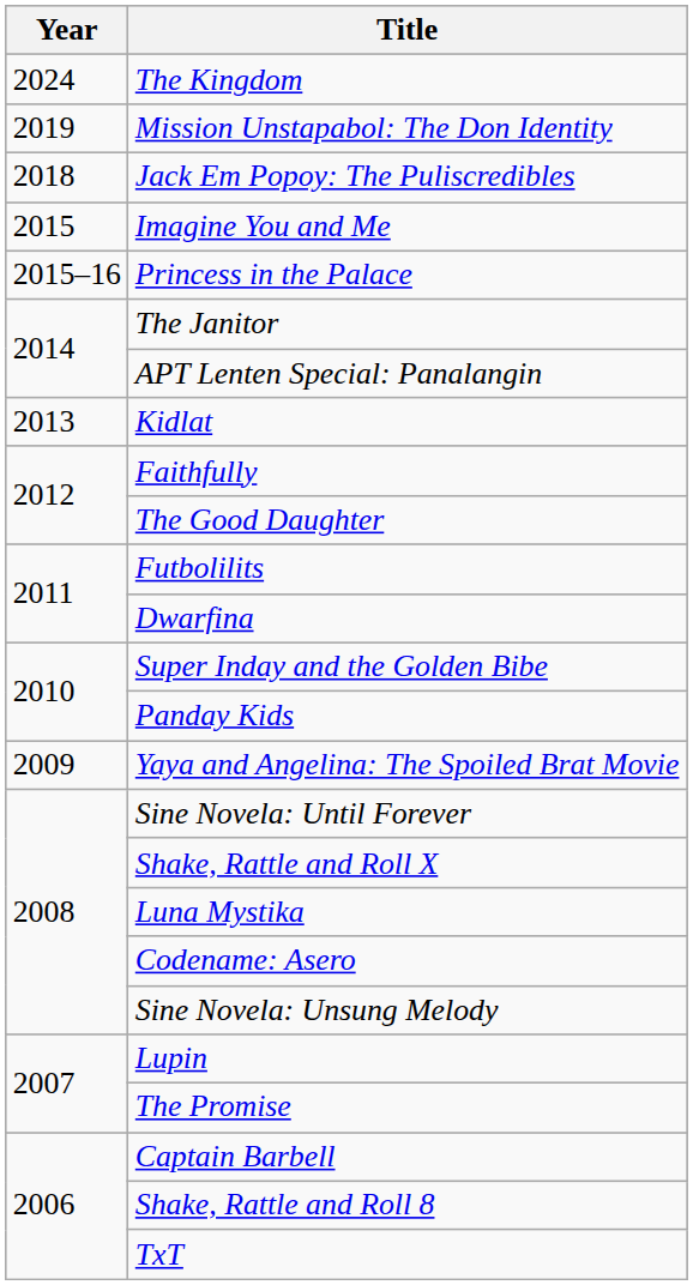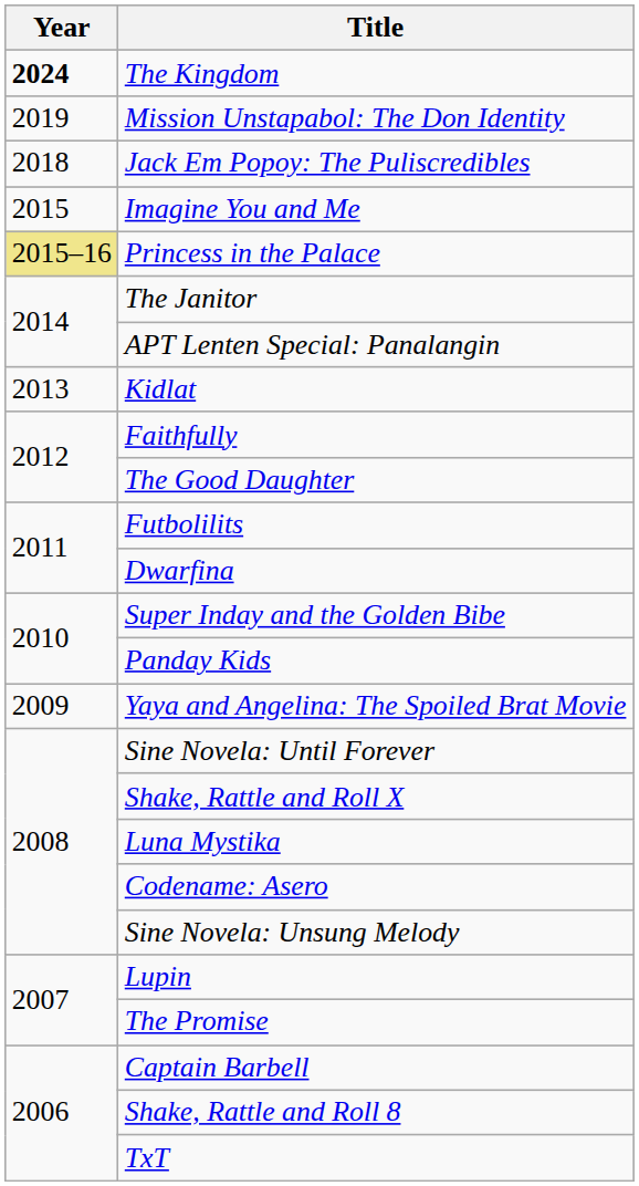 <table class="wikitable">
 <tr>
 <th>Year</th>
 <th>Title</th>
 </tr>
 <tr>
-<td>2024</td>
+<td><strong>2024</strong></td>
 <td><a href='#'><em>The Kingdom</em></a></td>
 </tr>
 <tr>
 <td>2019</td>
 <td><em><a href='#'>Mission Unstapabol: The Don Identity</a></em></td>
 </tr>
 <tr>
 <td>2018</td>
 <td><em><a href='#'>Jack Em Popoy: The Puliscredibles</a></em></td>
 </tr>
 <tr>
 <td>2015</td>
 <td><em><a href='#'>Imagine You and Me</a></em></td>
 </tr>
 <tr>
-<td>2015–16</td>
+<td style="background: khaki;">2015–16</td>
 <td><em><a href='#'>Princess in the Palace</a></em></td>
 </tr>
 <tr>
 <td rowspan="2">2014</td>
 <td><em>The Janitor</em></td>
 </tr>
 <tr>
 <td><em>APT Lenten Special: Panalangin</em></td>
 </tr>
 <tr>
 <td>2013</td>
 <td><em><a href='#'>Kidlat</a></em></td>
 </tr>
 <tr>
 <td rowspan="2">2012</td>
 <td><a href='#'><em>Faithfully</em></a></td>
 </tr>
 <tr>
 <td><em><a href='#'>The Good Daughter</a></em></td>
 </tr>
 <tr>
 <td rowspan="2">2011</td>
 <td><em><a href='#'>Futbolilits</a></em></td>
 </tr>
 <tr>
 <td><em><a href='#'>Dwarfina</a></em></td>
 </tr>
 <tr>
 <td rowspan="2">2010</td>
 <td><a href='#'><em>Super Inday and the Golden Bibe</em></a></td>
 </tr>
 <tr>
 <td><em><a href='#'>Panday Kids</a></em></td>
 </tr>
 <tr>
 <td>2009</td>
 <td><em><a href='#'>Yaya and Angelina: The Spoiled Brat Movie</a></em></td>
 </tr>
 <tr>
 <td rowspan="5">2008</td>
 <td><em>Sine Novela: Until Forever</em></td>
 </tr>
 <tr>
 <td><em><a href='#'>Shake, Rattle and Roll X</a></em></td>
 </tr>
 <tr>
 <td><em><a href='#'>Luna Mystika</a></em></td>
 </tr>
 <tr>
 <td><em><a href='#'>Codename: Asero</a></em></td>
 </tr>
 <tr>
 <td><em>Sine Novela: Unsung Melody</em></td>
 </tr>
 <tr>
 <td rowspan="2">2007</td>
 <td><a href='#'><em>Lupin</em></a></td>
 </tr>
 <tr>
 <td><a href='#'><em>The Promise</em></a></td>
 </tr>
 <tr>
 <td rowspan="3">2006</td>
 <td><a href='#'><em>Captain Barbell</em></a></td>
 </tr>
 <tr>
 <td><em><a href='#'>Shake, Rattle and Roll 8</a></em></td>
 </tr>
 <tr>
 <td><a href='#'><em>TxT</em></a></td>
 </tr>
 </table>
